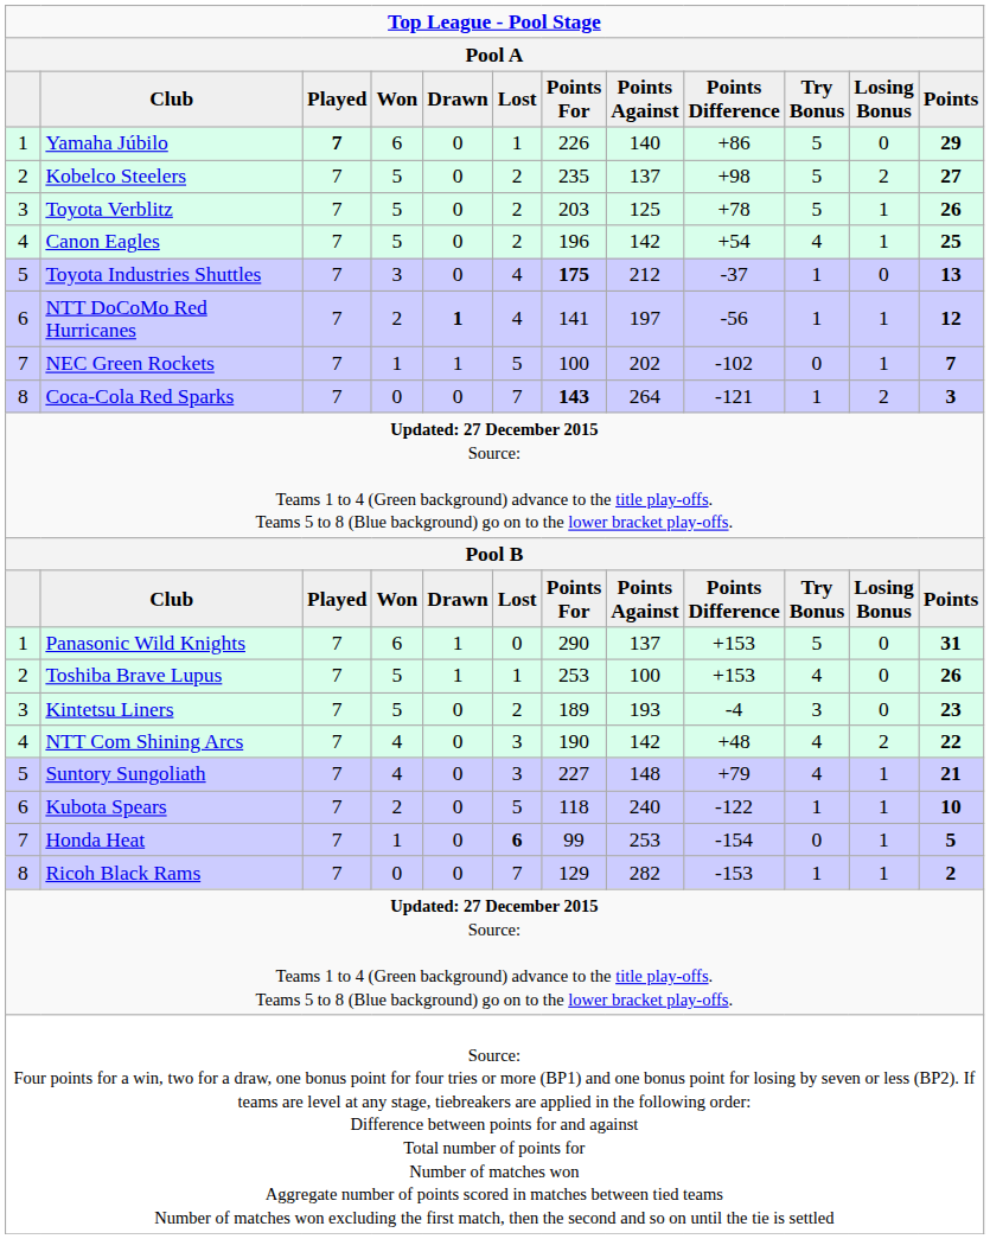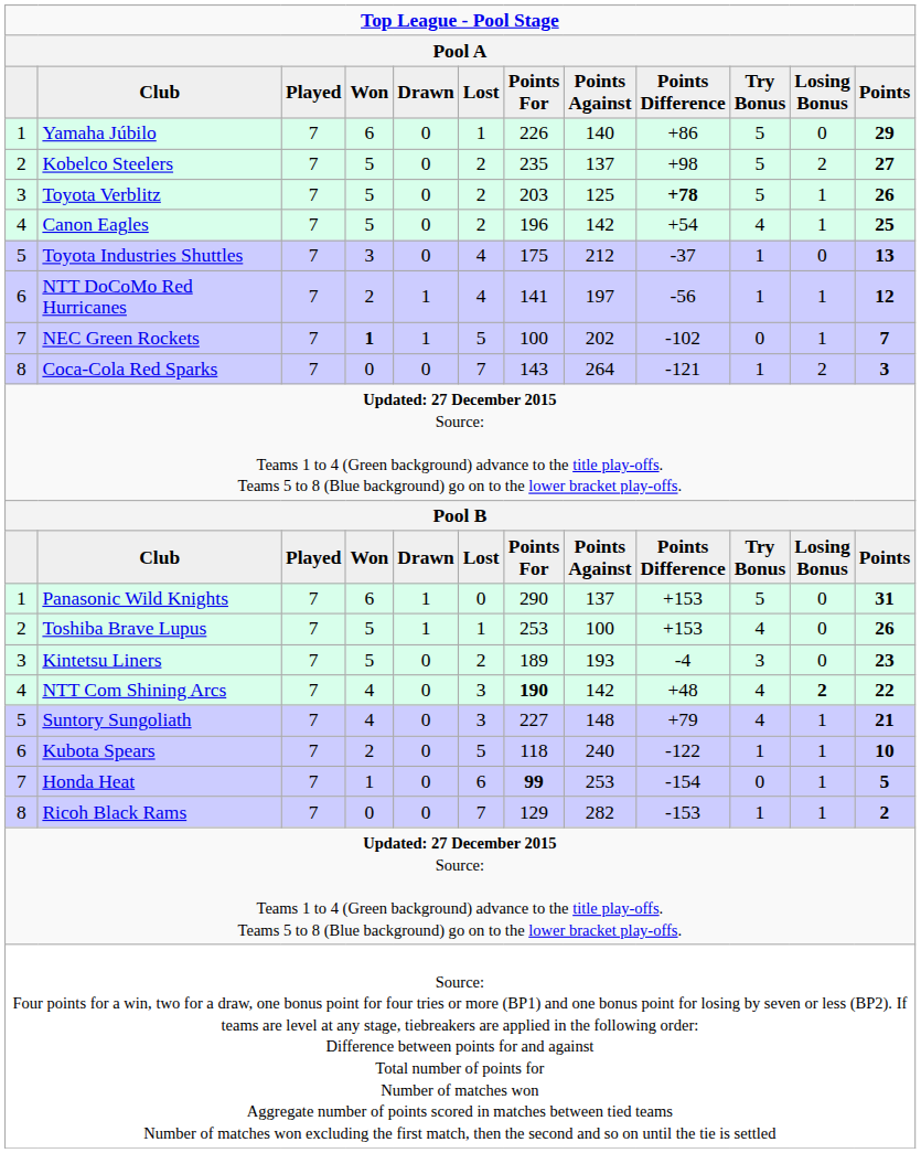 <table class="wikitable" style="text-align: center;">
 <tr style="background:#f9f9f9;">
 <td colspan="15" cellpadding="0" cellspacing="0"><strong><a href='#'>Top League - Pool Stage</a></strong></td>
 </tr>
 <tr style="background:#f3f3f3;">
 <td colspan="15" cellpadding="0" cellspacing="0"><strong>Pool A</strong></td>
 </tr>
 <tr>
 <th style="background:#efefef; width:20px;"></th>
 <th style="background:#efefef; width:195px;">Club</th>
 <th style="background:#efefef; width:20px;">Played</th>
 <th style="background:#efefef; width:20px;">Won</th>
 <th style="background:#efefef; width:20px;">Drawn</th>
 <th style="background:#efefef; width:20px;">Lost</th>
 <th style="background:#efefef; width:20px;">Points For</th>
 <th style="background:#efefef; width:20px;">Points Against</th>
 <th style="background:#efefef; width:20px;">Points Difference</th>
 <th style="background:#efefef; width:20px;">Try Bonus</th>
 <th style="background:#efefef; width:20px;">Losing Bonus</th>
 <th style="background:#efefef; width:20px;">Points<br></th>
 </tr>
 <tr style="background:#d8ffeb; text-align:center;">
 <td>1</td>
 <td align=left><a href='#'>Yamaha Júbilo</a></td>
-<td><strong>7</strong></td>
+<td>7</td>
 <td>6</td>
 <td>0</td>
 <td>1</td>
 <td>226</td>
 <td>140</td>
 <td>+86</td>
 <td>5</td>
 <td>0</td>
 <td><strong>29</strong></td>
 </tr>
 <tr style="background:#d8ffeb; text-align:center;">
 <td>2</td>
 <td align=left><a href='#'>Kobelco Steelers</a></td>
 <td>7</td>
 <td>5</td>
 <td>0</td>
 <td>2</td>
 <td>235</td>
 <td>137</td>
 <td>+98</td>
 <td>5</td>
 <td>2</td>
 <td><strong>27</strong></td>
 </tr>
 <tr style="background:#d8ffeb; text-align:center;">
 <td>3</td>
 <td align=left><a href='#'>Toyota Verblitz</a></td>
 <td>7</td>
 <td>5</td>
 <td>0</td>
 <td>2</td>
 <td>203</td>
 <td>125</td>
-<td>+78</td>
+<td><strong>+78</strong></td>
 <td>5</td>
 <td>1</td>
 <td><strong>26</strong></td>
 </tr>
 <tr style="background:#d8ffeb; text-align:center;">
 <td>4</td>
 <td align=left><a href='#'>Canon Eagles</a></td>
 <td>7</td>
 <td>5</td>
 <td>0</td>
 <td>2</td>
 <td>196</td>
 <td>142</td>
 <td>+54</td>
 <td>4</td>
 <td>1</td>
 <td><strong>25</strong></td>
 </tr>
 <tr style="background:#ccf; text-align:center;">
 <td>5</td>
 <td align=left><a href='#'>Toyota Industries Shuttles</a></td>
 <td>7</td>
 <td>3</td>
 <td>0</td>
 <td>4</td>
-<td><strong>175</strong></td>
+<td>175</td>
 <td>212</td>
 <td>-37</td>
 <td>1</td>
 <td>0</td>
 <td><strong>13</strong></td>
 </tr>
 <tr style="background:#ccf; text-align:center;">
 <td>6</td>
 <td align=left><a href='#'>NTT DoCoMo Red Hurricanes</a></td>
 <td>7</td>
 <td>2</td>
-<td><strong>1</strong></td>
+<td>1</td>
 <td>4</td>
 <td>141</td>
 <td>197</td>
 <td>-56</td>
 <td>1</td>
 <td>1</td>
 <td><strong>12</strong></td>
 </tr>
 <tr style="background:#ccf; text-align:center;">
 <td>7</td>
 <td align=left><a href='#'>NEC Green Rockets</a></td>
 <td>7</td>
-<td>1</td>
+<td><strong>1</strong></td>
 <td>1</td>
 <td>5</td>
 <td>100</td>
 <td>202</td>
 <td>-102</td>
 <td>0</td>
 <td>1</td>
 <td><strong>7</strong></td>
 </tr>
 <tr style="background:#ccf; text-align:center;">
 <td>8</td>
 <td align=left><a href='#'>Coca-Cola Red Sparks</a></td>
 <td>7</td>
 <td>0</td>
 <td>0</td>
 <td>7</td>
-<td><strong>143</strong></td>
+<td>143</td>
 <td>264</td>
 <td>-121</td>
 <td>1</td>
 <td>2</td>
 <td><strong>3</strong></td>
 </tr>
 <tr style="background:#f9f9f9; text-align:center;">
 <td colspan="15" style="border:0;"><small><strong>Updated: 27 December 2015</strong> <br>Source: </small><br><br><small>Teams 1 to 4 <span>(Green background)</span> advance to the <a href='#'>title play-offs</a>.</small><br> <small>Teams 5 to 8 <span>(Blue background)</span> go on to the <a href='#'>lower bracket play-offs</a>.<br></small></td>
 </tr>
 <tr |align=left|>
 </tr>
 <tr style="background:#f3f3f3;">
 <td colspan="15" cellpadding="0" cellspacing="0"><strong>Pool B</strong></td>
 </tr>
 <tr style="font-weight: bold;">
 <td style="background:#efefef; width:20px;"></td>
 <td style="background:#efefef; width:195px;">Club</td>
 <td style="background:#efefef; width:20px;">Played</td>
 <td style="background:#efefef; width:20px;">Won</td>
 <td style="background:#efefef; width:20px;">Drawn</td>
 <td style="background:#efefef; width:20px;">Lost</td>
 <td style="background:#efefef; width:20px;">Points For</td>
 <td style="background:#efefef; width:20px;">Points Against</td>
 <td style="background:#efefef; width:20px;">Points Difference</td>
 <td style="background:#efefef; width:20px;">Try Bonus</td>
 <td style="background:#efefef; width:20px;">Losing Bonus</td>
 <td style="background:#efefef; width:20px;">Points<br></td>
 </tr>
 <tr style="background:#d8ffeb; text-align:center;">
 <td>1</td>
 <td align=left><a href='#'>Panasonic Wild Knights</a></td>
 <td>7</td>
 <td>6</td>
 <td>1</td>
 <td>0</td>
 <td>290</td>
 <td>137</td>
 <td>+153</td>
 <td>5</td>
 <td>0</td>
 <td><strong>31</strong></td>
 </tr>
 <tr style="background:#d8ffeb; text-align:center;">
 <td>2</td>
 <td align=left><a href='#'>Toshiba Brave Lupus</a></td>
 <td>7</td>
 <td>5</td>
 <td>1</td>
 <td>1</td>
 <td>253</td>
 <td>100</td>
 <td>+153</td>
 <td>4</td>
 <td>0</td>
 <td><strong>26</strong></td>
 </tr>
 <tr style="background:#d8ffeb; text-align:center;">
 <td>3</td>
 <td align=left><a href='#'>Kintetsu Liners</a></td>
 <td>7</td>
 <td>5</td>
 <td>0</td>
 <td>2</td>
 <td>189</td>
 <td>193</td>
 <td>-4</td>
 <td>3</td>
 <td>0</td>
 <td><strong>23</strong></td>
 </tr>
 <tr style="background:#d8ffeb; text-align:center;">
 <td>4</td>
 <td align=left><a href='#'>NTT Com Shining Arcs</a></td>
 <td>7</td>
 <td>4</td>
 <td>0</td>
 <td>3</td>
-<td>190</td>
+<td><strong>190</strong></td>
 <td>142</td>
 <td>+48</td>
 <td>4</td>
-<td>2</td>
+<td><strong>2</strong></td>
 <td><strong>22</strong></td>
 </tr>
 <tr style="background:#ccf; text-align:center;">
 <td>5</td>
 <td align=left><a href='#'>Suntory Sungoliath</a></td>
 <td>7</td>
 <td>4</td>
 <td>0</td>
 <td>3</td>
 <td>227</td>
 <td>148</td>
 <td>+79</td>
 <td>4</td>
 <td>1</td>
 <td><strong>21</strong></td>
 </tr>
 <tr style="background:#ccf; text-align:center;">
 <td>6</td>
 <td align=left><a href='#'>Kubota Spears</a></td>
 <td>7</td>
 <td>2</td>
 <td>0</td>
 <td>5</td>
 <td>118</td>
 <td>240</td>
 <td>-122</td>
 <td>1</td>
 <td>1</td>
 <td><strong>10</strong></td>
 </tr>
 <tr style="background:#ccf; text-align:center;">
 <td>7</td>
 <td align=left><a href='#'>Honda Heat</a></td>
 <td>7</td>
 <td>1</td>
 <td>0</td>
-<td><strong>6</strong></td>
-<td>99</td>
+<td>6</td>
+<td><strong>99</strong></td>
 <td>253</td>
 <td>-154</td>
 <td>0</td>
 <td>1</td>
 <td><strong>5</strong></td>
 </tr>
 <tr style="background:#ccf; text-align:center;">
 <td>8</td>
 <td align=left><a href='#'>Ricoh Black Rams</a></td>
 <td>7</td>
 <td>0</td>
 <td>0</td>
 <td>7</td>
 <td>129</td>
 <td>282</td>
 <td>-153</td>
 <td>1</td>
 <td>1</td>
 <td><strong>2</strong></td>
 </tr>
 <tr style="background:#f9f9f9; text-align:center;">
 <td colspan="15" style="border:0;"><small><strong>Updated: 27 December 2015</strong> <br>Source: </small><br><br><small>Teams 1 to 4 <span>(Green background)</span> advance to the <a href='#'>title play-offs</a>.</small><br> <small>Teams 5 to 8 <span>(Blue background)</span> go on to the <a href='#'>lower bracket play-offs</a>.<br></small></td>
 </tr>
 <tr style="background:#fff; text-align:center;">
 <td colspan="15"><br><small>Source: </small><br><small>Four points for a win, two for a draw, one bonus point for four tries or more (BP1) and one bonus point for losing by seven or less (BP2). If teams are level at any stage, tiebreakers are applied in the following order:</small><br>  <small>Difference between points for and against</small><br>  <small>Total number of points for</small><br>  <small>Number of matches won</small><br>  <small>Aggregate number of points scored in matches between tied teams</small><br>  <small>Number of matches won excluding the first match, then the second and so on until the tie is settled</small><br></td>
 </tr>
 <tr |align=left|>
 </tr>
 </table>
